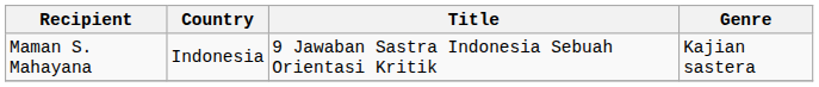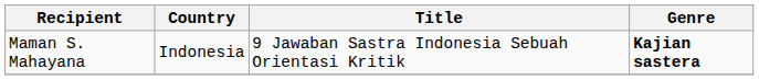 <table class="wikitable" style="text-align:left">
 <tr>
 <th>Recipient</th>
 <th>Country</th>
 <th>Title</th>
 <th>Genre</th>
 </tr>
 <tr>
 <td>Maman S. Mahayana</td>
 <td>Indonesia</td>
 <td>9 Jawaban Sastra Indonesia Sebuah Orientasi Kritik</td>
-<td>Kajian sastera</td>
+<td><strong>Kajian sastera</strong></td>
 </tr>
 <tr>
 </tr>
 </table>
